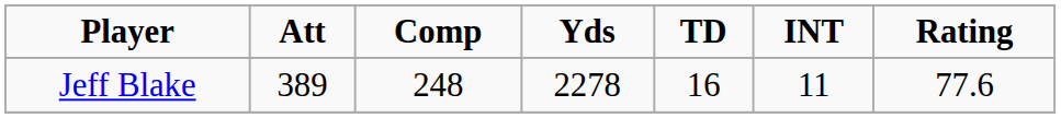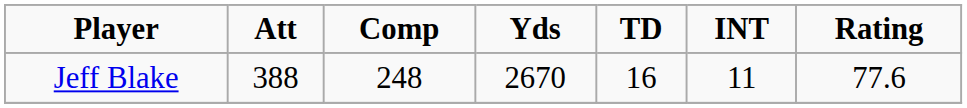 <table class="wikitable" width="80%">
 <tr align="center">
 <td><strong>Player</strong></td>
 <td><strong>Att</strong></td>
 <td><strong>Comp</strong></td>
 <td><strong>Yds</strong></td>
 <td><strong>TD</strong></td>
 <td><strong>INT</strong></td>
 <td><strong>Rating</strong></td>
 </tr>
 <tr align="center" bgcolor="">
 <td><a href='#'>Jeff Blake</a></td>
-<td>389</td>
+<td>388</td>
 <td>248</td>
-<td>2278</td>
+<td>2670</td>
 <td>16</td>
 <td>11</td>
 <td>77.6</td>
 </tr>
 <tr align="center" bgcolor="">
 </tr>
 </table>
